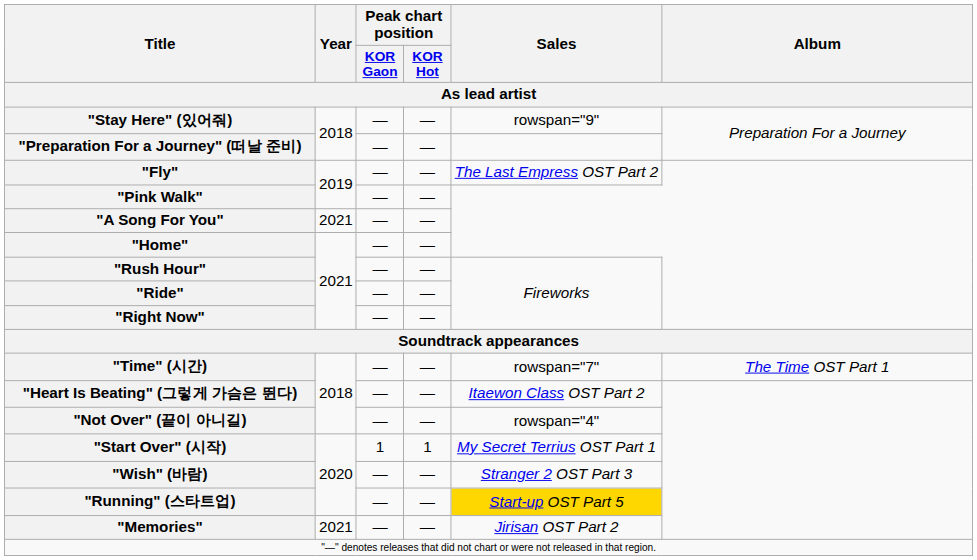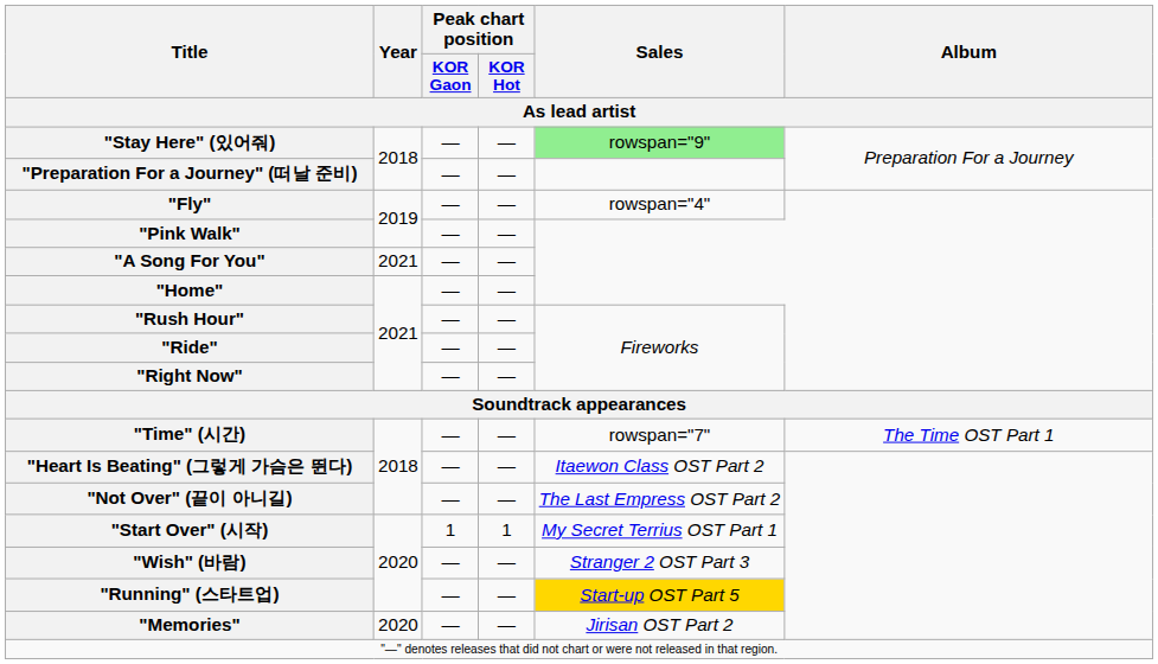 <table class="wikitable plainrowheaders" style="text-align:center">
 <tr>
 <th scope="col" rowspan="2" style="width:20em;">Title</th>
 <th scope="col" rowspan="2">Year</th>
 <th scope="col" colspan="2">Peak chart position</th>
 <th scope="col" rowspan="2">Sales</th>
 <th scope="col" rowspan="2" style="width:20em;">Album</th>
 </tr>
 <tr>
 <th style="width:3em;font-size:90%"><a href='#'>KOR<br>Gaon</a><br></th>
 <th scope="col" style="width:3em;font-size:90%;"><a href='#'>KOR<br>Hot</a><br></th>
 </tr>
 <tr>
 <th colspan="6">As lead artist</th>
 </tr>
 <tr>
 <th scope="row">"Stay Here" (있어줘)</th>
 <td rowspan="2">2018</td>
 <td>—</td>
 <td>—</td>
-<td>rowspan="9" </td>
+<td style="background: lightgreen;">rowspan="9" </td>
 <td rowspan="2"><em>Preparation For a Journey</em></td>
 </tr>
 <tr>
 <th scope="row">"Preparation For a Journey" (떠날 준비)</th>
 <td>—</td>
 <td>—</td>
 </tr>
 <tr>
 <th scope="row">"Fly"</th>
 <td rowspan="2">2019</td>
 <td>—</td>
 <td>—</td>
-<td><em><a href='#'>The Last Empress</a> OST Part 2</em></td>
+<td>rowspan="4" </td>
 </tr>
 <tr>
 <th scope="row">"Pink Walk"</th>
 <td>—</td>
 <td>—</td>
 </tr>
 <tr>
 <th scope="row">"A Song For You"</th>
 <td>2021</td>
 <td>—</td>
 <td>—</td>
 </tr>
 <tr>
 <th scope="row">"Home"</th>
 <td rowspan="4">2021</td>
 <td>—</td>
 <td>—</td>
 </tr>
 <tr>
 <th scope="row">"Rush Hour"</th>
 <td>—</td>
 <td>—</td>
 <td rowspan="3"><em>Fireworks</em></td>
 </tr>
 <tr>
 <th scope="row">"Ride"</th>
 <td>—</td>
 <td>—</td>
 </tr>
 <tr>
 <th scope="row">"Right Now"</th>
 <td>—</td>
 <td>—</td>
 </tr>
 <tr>
 <th colspan="6">Soundtrack appearances</th>
 </tr>
 <tr>
 <th scope="row">"Time" (시간)</th>
 <td rowspan="3">2018</td>
 <td>—</td>
 <td>—</td>
 <td>rowspan="7" </td>
 <td><em><a href='#'>The Time</a> OST Part 1</em></td>
 </tr>
 <tr>
 <th scope="row">"Heart Is Beating" (그렇게 가슴은 뛴다)</th>
 <td>—</td>
 <td>—</td>
 <td><em><a href='#'>Itaewon Class</a> OST Part 2</em></td>
 </tr>
 <tr>
 <th scope="row">"Not Over" (끝이 아니길)</th>
 <td>—</td>
 <td>—</td>
-<td>rowspan="4" </td>
+<td><em><a href='#'>The Last Empress</a> OST Part 2</em></td>
 </tr>
 <tr>
 <th scope="row">"Start Over" (시작)</th>
 <td rowspan=3>2020</td>
 <td>1</td>
 <td>1</td>
 <td><em><a href='#'>My Secret Terrius</a> OST Part 1</em></td>
 </tr>
 <tr>
 <th scope="row">"Wish" (바람)</th>
 <td>—</td>
 <td>—</td>
 <td><em><a href='#'>Stranger 2</a> OST Part 3</em></td>
 </tr>
 <tr>
 <th scope="row">"Running" (스타트업)</th>
 <td>—</td>
 <td>—</td>
 <td style="background: gold;"><em><a href='#'>Start-up</a> OST Part 5</em></td>
 </tr>
 <tr>
 <th scope="row">"Memories"</th>
-<td>2021</td>
+<td>2020</td>
 <td>—</td>
 <td>—</td>
 <td><em><a href='#'>Jirisan</a> OST Part 2</em></td>
 </tr>
 <tr>
 <td colspan="6" style="font-size:8pt">"—" denotes releases that did not chart or were not released in that region.</td>
 </tr>
 </table>
